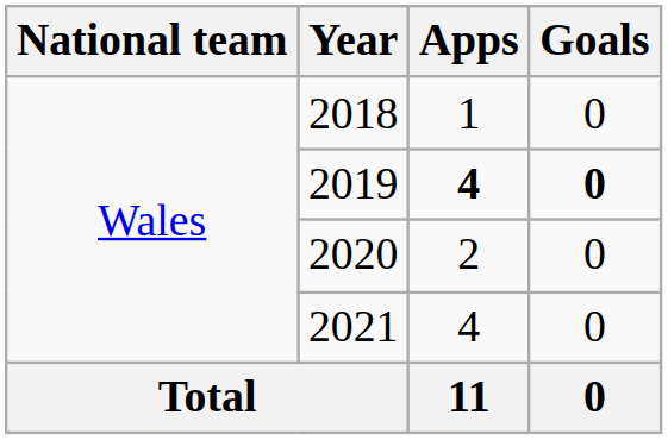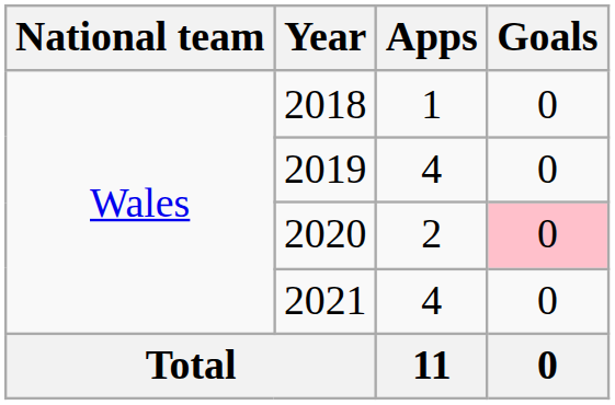 <table class="wikitable" style="text-align:center">
 <tr>
 <th>National team</th>
 <th>Year</th>
 <th>Apps</th>
 <th>Goals</th>
 </tr>
 <tr>
 <td rowspan="4"><a href='#'>Wales</a></td>
 <td>2018</td>
 <td>1</td>
 <td>0</td>
 </tr>
 <tr>
 <td>2019</td>
-<td><strong>4</strong></td>
-<td><strong>0</strong></td>
+<td>4</td>
+<td>0</td>
 </tr>
 <tr>
 <td>2020</td>
 <td>2</td>
-<td>0</td>
+<td style="background: pink;">0</td>
 </tr>
 <tr>
 <td>2021</td>
 <td>4</td>
 <td>0</td>
 </tr>
 <tr>
 <th colspan="2">Total</th>
 <th>11</th>
 <th>0</th>
 </tr>
 </table>
